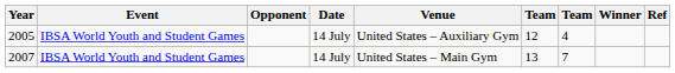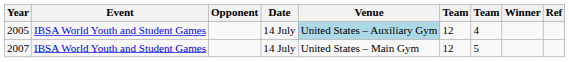 <table class="wikitable">
 <tr>
 <th>Year</th>
 <th>Event</th>
 <th>Opponent</th>
 <th>Date</th>
 <th>Venue</th>
 <th>Team</th>
 <th>Team</th>
 <th>Winner</th>
 <th>Ref</th>
 </tr>
 <tr --->
 <td>2005</td>
 <td><a href='#'>IBSA World Youth and Student Games</a></td>
 <td></td>
 <td>14 July</td>
-<td>United States – Auxiliary Gym</td>
+<td style="background: lightblue;">United States – Auxiliary Gym</td>
 <td>12</td>
 <td>4</td>
 <td></td>
 <td></td>
 </tr>
 <tr --->
 <td>2007</td>
 <td><a href='#'>IBSA World Youth and Student Games</a></td>
 <td></td>
 <td>14 July</td>
 <td>United States – Main Gym</td>
-<td>13</td>
-<td>7</td>
+<td>12</td>
+<td>5</td>
 <td></td>
 <td></td>
 </tr>
 </table>
